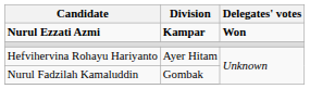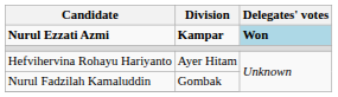 <table class="wikitable">
 <tr>
 <th>Candidate</th>
 <th>Division</th>
 <th>Delegates' votes</th>
 </tr>
 <tr>
 <td><strong>Nurul Ezzati Azmi</strong></td>
 <td><strong>Kampar</strong></td>
-<td><strong>Won</strong></td>
+<td style="background: lightblue;"><strong>Won</strong></td>
 </tr>
 <tr>
 <td colspan="4" bgcolor="dcdcdc"></td>
 </tr>
 <tr>
 <td>Hefvihervina Rohayu Hariyanto</td>
 <td>Ayer Hitam</td>
 <td rowspan="3"><em>Unknown</em></td>
 </tr>
 <tr>
 <td>Nurul Fadzilah Kamaluddin</td>
 <td>Gombak</td>
 </tr>
 <tr>
 </tr>
 </table>
